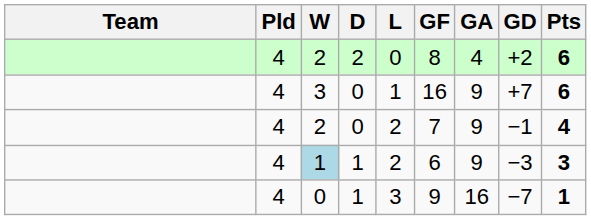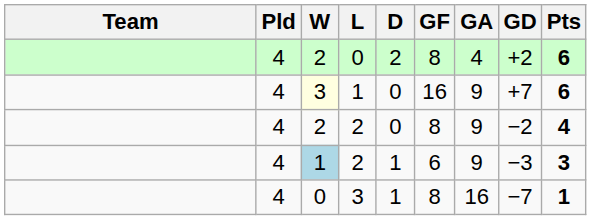 <table class="wikitable" style="text-align: center;">
 <tr>
 <th width=175>Team</th>
 <th width=20>Pld</th>
 <th width=20>W</th>
+<th width=20>L</th>
 <th width=20>D</th>
-<th width=20>L</th>
 <th width=20>GF</th>
 <th width=20>GA</th>
 <th width=20>GD</th>
 <th width=20>Pts</th>
 </tr>
 <tr bgcolor=ccffcc>
 <td style="text-align:left;"></td>
 <td>4</td>
 <td>2</td>
+<td>0</td>
 <td>2</td>
-<td>0</td>
 <td>8</td>
 <td>4</td>
 <td>+2</td>
 <td><strong>6</strong></td>
 </tr>
 <tr>
 <td style="text-align:left;"></td>
 <td>4</td>
-<td>3</td>
+<td style="background: lightyellow;">3</td>
+<td>1</td>
 <td>0</td>
-<td>1</td>
 <td>16</td>
 <td>9</td>
 <td>+7</td>
 <td><strong>6</strong></td>
 </tr>
 <tr>
 <td style="text-align:left;"></td>
 <td>4</td>
 <td>2</td>
+<td>2</td>
 <td>0</td>
-<td>2</td>
-<td>7</td>
+<td>8</td>
 <td>9</td>
-<td>−1</td>
+<td>−2</td>
 <td><strong>4</strong></td>
 </tr>
 <tr>
 <td style="text-align:left;"></td>
 <td>4</td>
 <td style="background: lightblue;">1</td>
+<td>2</td>
 <td>1</td>
-<td>2</td>
 <td>6</td>
 <td>9</td>
 <td>−3</td>
 <td><strong>3</strong></td>
 </tr>
 <tr>
 <td style="text-align:left;"></td>
 <td>4</td>
 <td>0</td>
+<td>3</td>
 <td>1</td>
-<td>3</td>
-<td>9</td>
+<td>8</td>
 <td>16</td>
 <td>−7</td>
 <td><strong>1</strong></td>
 </tr>
 </table>
